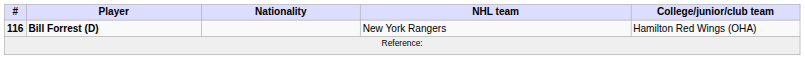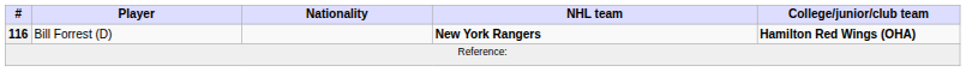 <table class="wikitable" style="width: 100%">
 <tr>
 <th style="background:#ddf; width:2.75%;">#</th>
 <th style="background:#ddf; width:22.0%;">Player</th>
 <th style="background:#ddf; width:20.0%;">Nationality</th>
 <th style="background:#ddf; width:34.0%;">NHL team</th>
 <th style="background:#ddf; width:100.0%;">College/junior/club team</th>
 </tr>
 <tr>
 <th>116</th>
-<td><strong>Bill Forrest (D)</strong></td>
+<td>Bill Forrest (D)</td>
 <td></td>
-<td>New York Rangers</td>
-<td>Hamilton Red Wings (OHA)</td>
+<td><strong>New York Rangers</strong></td>
+<td><strong>Hamilton Red Wings (OHA)</strong></td>
 </tr>
 <tr>
 <td align=center colspan="6" bgcolor="#efefef"><sup>Reference: </sup></td>
 </tr>
 </table>
